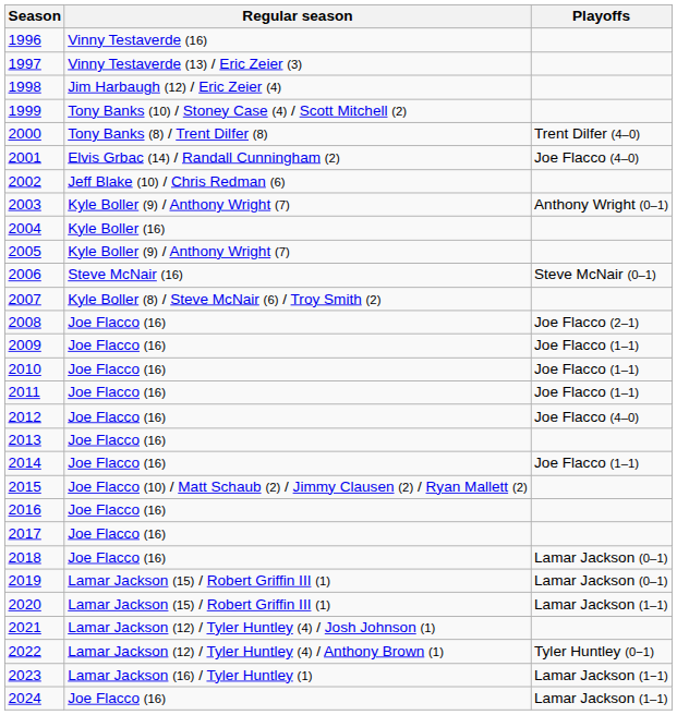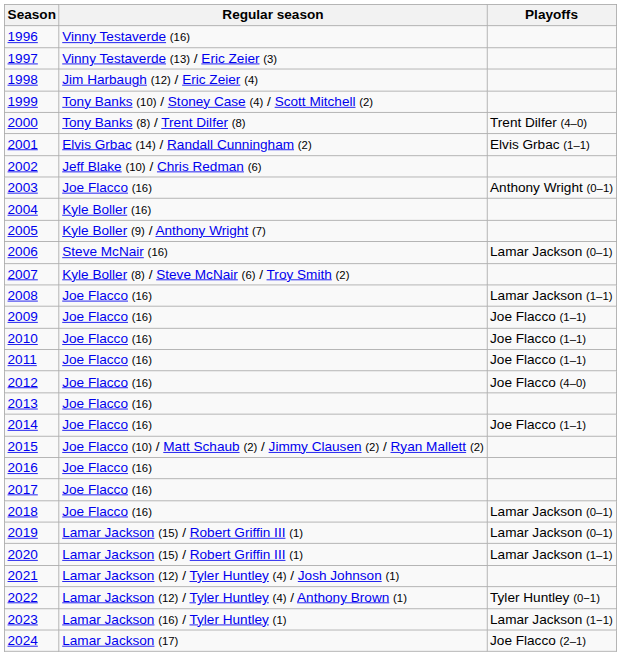 <table class="wikitable">
 <tr>
 <th>Season</th>
 <th>Regular season</th>
 <th>Playoffs</th>
 </tr>
 <tr>
 <td><a href='#'>1996</a></td>
 <td><a href='#'>Vinny Testaverde</a> <small>(16)</small></td>
 <td></td>
 </tr>
 <tr>
 <td><a href='#'>1997</a></td>
 <td><a href='#'>Vinny Testaverde</a> <small>(13)</small> / <a href='#'>Eric Zeier</a> <small>(3)</small></td>
 <td></td>
 </tr>
 <tr>
 <td><a href='#'>1998</a></td>
 <td><a href='#'>Jim Harbaugh</a> <small>(12)</small> / <a href='#'>Eric Zeier</a> <small>(4)</small></td>
 <td></td>
 </tr>
 <tr ||>
 <td><a href='#'>1999</a></td>
 <td><a href='#'>Tony Banks</a> <small>(10)</small> / <a href='#'>Stoney Case</a> <small>(4)</small> / <a href='#'>Scott Mitchell</a> <small>(2)</small></td>
 <td></td>
 </tr>
 <tr>
 <td><a href='#'>2000</a></td>
 <td><a href='#'>Tony Banks</a> <small>(8)</small> / <a href='#'>Trent Dilfer</a> <small>(8)</small></td>
 <td>Trent Dilfer <small>(4–0)</small></td>
 </tr>
 <tr>
 <td><a href='#'>2001</a></td>
 <td><a href='#'>Elvis Grbac</a> <small>(14)</small> / <a href='#'>Randall Cunningham</a> <small>(2)</small></td>
-<td>Joe Flacco <small>(4–0)</small></td>
+<td>Elvis Grbac <small>(1–1)</small></td>
 </tr>
 <tr>
 <td><a href='#'>2002</a></td>
 <td><a href='#'>Jeff Blake</a> <small>(10)</small> / <a href='#'>Chris Redman</a> <small>(6)</small></td>
 <td></td>
 </tr>
 <tr>
 <td><a href='#'>2003</a></td>
-<td><a href='#'>Kyle Boller</a> <small>(9)</small> / <a href='#'>Anthony Wright</a> <small>(7)</small></td>
+<td><a href='#'>Joe Flacco</a> <small>(16)</small></td>
 <td>Anthony Wright <small>(0–1)</small></td>
 </tr>
 <tr>
 <td><a href='#'>2004</a></td>
 <td><a href='#'>Kyle Boller</a> <small>(16)</small></td>
 <td></td>
 </tr>
 <tr>
 <td><a href='#'>2005</a></td>
 <td><a href='#'>Kyle Boller</a> <small>(9)</small> / <a href='#'>Anthony Wright</a> <small>(7)</small></td>
 <td></td>
 </tr>
 <tr>
 <td><a href='#'>2006</a></td>
 <td><a href='#'>Steve McNair</a> <small>(16)</small></td>
-<td>Steve McNair <small>(0–1)</small></td>
+<td>Lamar Jackson <small>(0–1)</small></td>
 </tr>
 <tr>
 <td><a href='#'>2007</a></td>
 <td><a href='#'>Kyle Boller</a> <small>(8)</small> / <a href='#'>Steve McNair</a> <small>(6)</small> / <a href='#'>Troy Smith</a> <small>(2)</small></td>
 <td></td>
 </tr>
 <tr>
 <td><a href='#'>2008</a></td>
 <td><a href='#'>Joe Flacco</a> <small>(16)</small></td>
-<td>Joe Flacco <small>(2–1)</small></td>
+<td>Lamar Jackson <small>(1–1)</small></td>
 </tr>
 <tr>
 <td><a href='#'>2009</a></td>
 <td><a href='#'>Joe Flacco</a> <small>(16)</small></td>
 <td>Joe Flacco <small>(1–1)</small></td>
 </tr>
 <tr>
 <td><a href='#'>2010</a></td>
 <td><a href='#'>Joe Flacco</a> <small>(16)</small></td>
 <td>Joe Flacco <small>(1–1)</small></td>
 </tr>
 <tr>
 <td><a href='#'>2011</a></td>
 <td><a href='#'>Joe Flacco</a> <small>(16)</small></td>
 <td>Joe Flacco <small>(1–1)</small></td>
 </tr>
 <tr>
 <td><a href='#'>2012</a></td>
 <td><a href='#'>Joe Flacco</a> <small>(16)</small></td>
 <td>Joe Flacco <small>(4–0)</small></td>
 </tr>
 <tr>
 <td><a href='#'>2013</a></td>
 <td><a href='#'>Joe Flacco</a> <small>(16)</small></td>
 <td></td>
 </tr>
 <tr>
 <td><a href='#'>2014</a></td>
 <td><a href='#'>Joe Flacco</a> <small>(16)</small></td>
 <td>Joe Flacco <small>(1–1)</small></td>
 </tr>
 <tr>
 <td><a href='#'>2015</a></td>
 <td><a href='#'>Joe Flacco</a> <small>(10)</small> / <a href='#'>Matt Schaub</a> <small>(2)</small> / <a href='#'>Jimmy Clausen</a> <small>(2)</small> / <a href='#'>Ryan Mallett</a> <small>(2)</small></td>
 <td></td>
 </tr>
 <tr>
 <td><a href='#'>2016</a></td>
 <td><a href='#'>Joe Flacco</a> <small>(16)</small></td>
 <td></td>
 </tr>
 <tr>
 <td><a href='#'>2017</a></td>
 <td><a href='#'>Joe Flacco</a> <small>(16)</small></td>
 <td></td>
 </tr>
 <tr>
 <td><a href='#'>2018</a></td>
 <td><a href='#'>Joe Flacco</a> <small>(16)</small></td>
 <td>Lamar Jackson <small>(0–1)</small></td>
 </tr>
 <tr>
 <td><a href='#'>2019</a></td>
 <td><a href='#'>Lamar Jackson</a> <small>(15)</small> / <a href='#'>Robert Griffin III</a> <small>(1)</small></td>
 <td>Lamar Jackson <small>(0–1)</small></td>
 </tr>
 <tr>
 <td><a href='#'>2020</a></td>
 <td><a href='#'>Lamar Jackson</a> <small>(15)</small> / <a href='#'>Robert Griffin III</a> <small>(1)</small></td>
 <td>Lamar Jackson <small>(1–1)</small></td>
 </tr>
 <tr>
 <td><a href='#'>2021</a></td>
 <td><a href='#'>Lamar Jackson</a> <small>(12)</small> / <a href='#'>Tyler Huntley</a> <small>(4)</small> / <a href='#'>Josh Johnson</a> <small>(1)</small></td>
 <td></td>
 </tr>
 <tr>
 <td><a href='#'>2022</a></td>
 <td><a href='#'>Lamar Jackson</a> <small>(12)</small> / <a href='#'>Tyler Huntley</a> <small>(4)</small> / <a href='#'>Anthony Brown</a> <small>(1)</small></td>
 <td>Tyler Huntley <small>(0−1)</small></td>
 </tr>
 <tr>
 <td><a href='#'>2023</a></td>
 <td><a href='#'>Lamar Jackson</a> <small>(16)</small> / <a href='#'>Tyler Huntley</a> <small>(1)</small></td>
 <td>Lamar Jackson <small>(1−1)</small></td>
 </tr>
 <tr>
 <td><a href='#'>2024</a></td>
-<td><a href='#'>Joe Flacco</a> <small>(16)</small></td>
-<td>Lamar Jackson <small>(1–1)</small></td>
+<td><a href='#'>Lamar Jackson</a> <small>(17)</small></td>
+<td>Joe Flacco <small>(2–1)</small></td>
 </tr>
 </table>
